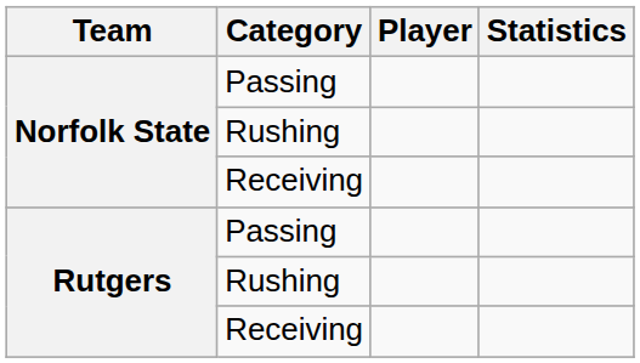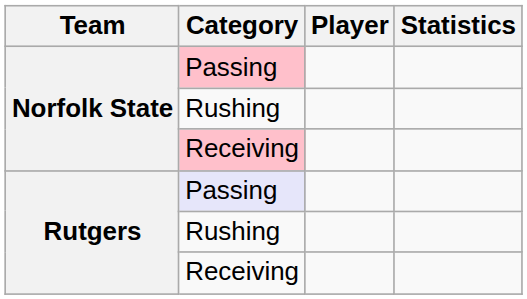 <table class="wikitable" style="float:right">
 <tr>
 <th>Team</th>
 <th>Category</th>
 <th>Player</th>
 <th>Statistics</th>
 </tr>
 <tr>
 <th rowspan=3>Norfolk State</th>
-<td>Passing</td>
+<td style="background: pink;">Passing</td>
 <td></td>
 <td></td>
 </tr>
 <tr>
 <td>Rushing</td>
 <td></td>
 <td></td>
 </tr>
 <tr>
-<td>Receiving</td>
+<td style="background: pink;">Receiving</td>
 <td></td>
 <td></td>
 </tr>
 <tr>
 <th rowspan=3>Rutgers</th>
-<td>Passing</td>
+<td style="background: lavender;">Passing</td>
 <td></td>
 <td></td>
 </tr>
 <tr>
 <td>Rushing</td>
 <td></td>
 <td></td>
 </tr>
 <tr>
 <td>Receiving</td>
 <td></td>
 <td></td>
 </tr>
 </table>
